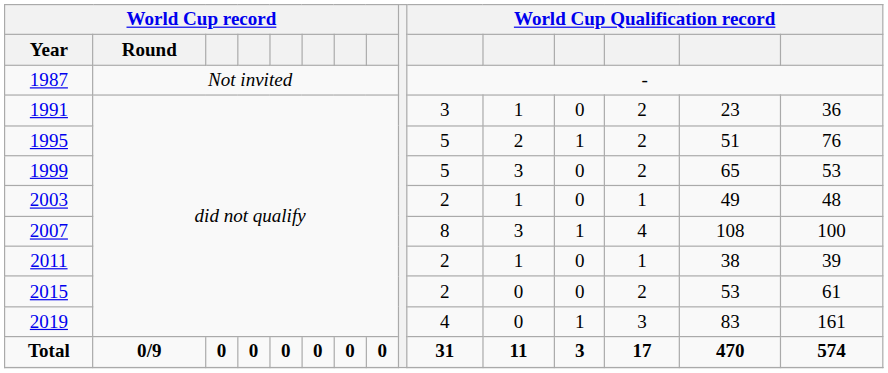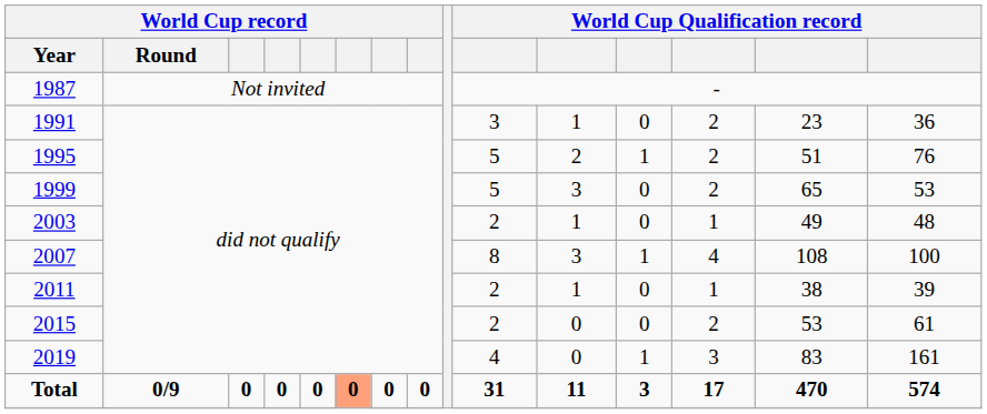 <table class="wikitable" style="text-align: center;">
 <tr>
 <th colspan=8><a href='#'>World Cup record</a></th>
 <th width=1% rowspan=25></th>
 <th colspan=6><a href='#'>World Cup Qualification record</a></th>
 </tr>
 <tr>
 <th>Year</th>
 <th>Round</th>
 <th></th>
 <th></th>
 <th></th>
 <th></th>
 <th></th>
 <th></th>
 <th></th>
 <th></th>
 <th></th>
 <th></th>
 <th></th>
 <th></th>
 </tr>
 <tr>
 <td> <a href='#'>1987</a></td>
 <td colspan=8><em>Not invited</em></td>
 <td colspan=6><em>-</em></td>
 </tr>
 <tr>
 <td> <a href='#'>1991</a></td>
 <td rowspan=8 colspan=8><em>did not qualify</em></td>
 <td>3</td>
 <td>1</td>
 <td>0</td>
 <td>2</td>
 <td>23</td>
 <td>36</td>
 </tr>
 <tr>
 <td> <a href='#'>1995</a></td>
 <td>5</td>
 <td>2</td>
 <td>1</td>
 <td>2</td>
 <td>51</td>
 <td>76</td>
 </tr>
 <tr>
 <td> <a href='#'>1999</a></td>
 <td>5</td>
 <td>3</td>
 <td>0</td>
 <td>2</td>
 <td>65</td>
 <td>53</td>
 </tr>
 <tr>
 <td> <a href='#'>2003</a></td>
 <td>2</td>
 <td>1</td>
 <td>0</td>
 <td>1</td>
 <td>49</td>
 <td>48</td>
 </tr>
 <tr>
 <td> <a href='#'>2007</a></td>
 <td>8</td>
 <td>3</td>
 <td>1</td>
 <td>4</td>
 <td>108</td>
 <td>100</td>
 </tr>
 <tr>
 <td> <a href='#'>2011</a></td>
 <td>2</td>
 <td>1</td>
 <td>0</td>
 <td>1</td>
 <td>38</td>
 <td>39</td>
 </tr>
 <tr>
 <td> <a href='#'>2015</a></td>
 <td>2</td>
 <td>0</td>
 <td>0</td>
 <td>2</td>
 <td>53</td>
 <td>61</td>
 </tr>
 <tr>
 <td> <a href='#'>2019</a></td>
 <td>4</td>
 <td>0</td>
 <td>1</td>
 <td>3</td>
 <td>83</td>
 <td>161</td>
 </tr>
 <tr>
 <td><strong>Total</strong></td>
 <td><strong>0/9</strong></td>
 <td><strong>0</strong></td>
 <td><strong>0</strong></td>
 <td><strong>0</strong></td>
-<td><strong>0</strong></td>
+<td style="background: lightsalmon;"><strong>0</strong></td>
 <td><strong>0</strong></td>
 <td><strong>0</strong></td>
 <td><strong>31</strong></td>
 <td><strong>11</strong></td>
 <td><strong>3</strong></td>
 <td><strong>17</strong></td>
 <td><strong>470</strong></td>
 <td><strong>574</strong></td>
 </tr>
 <tr>
 </tr>
 </table>
